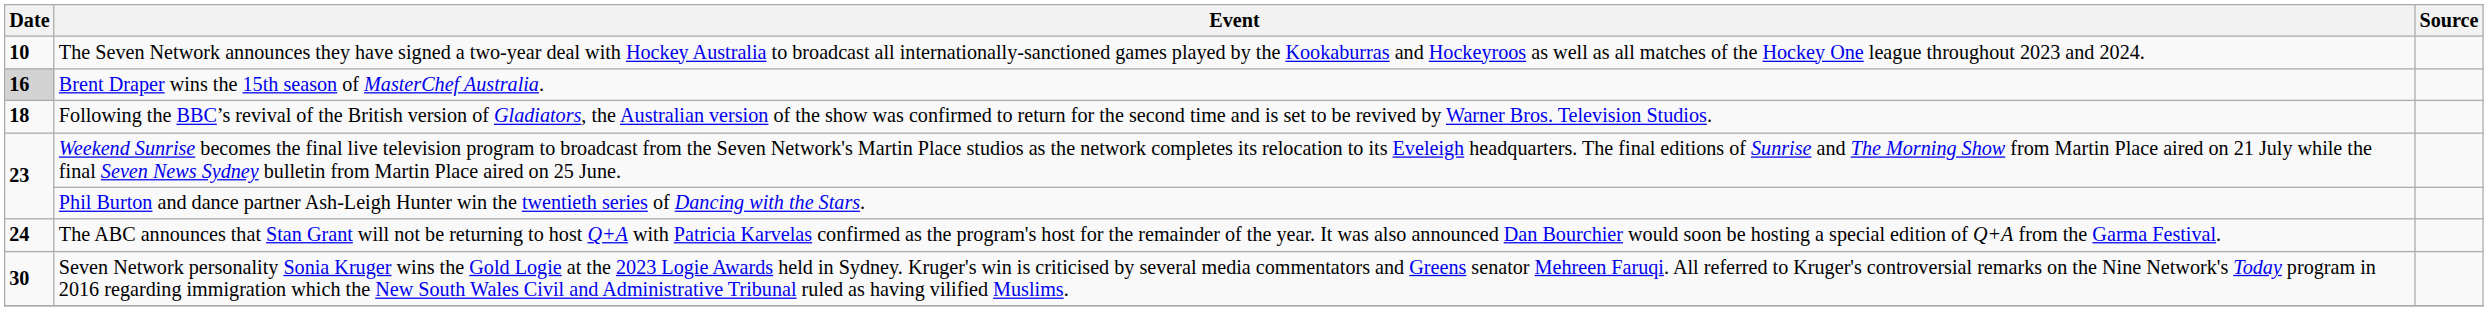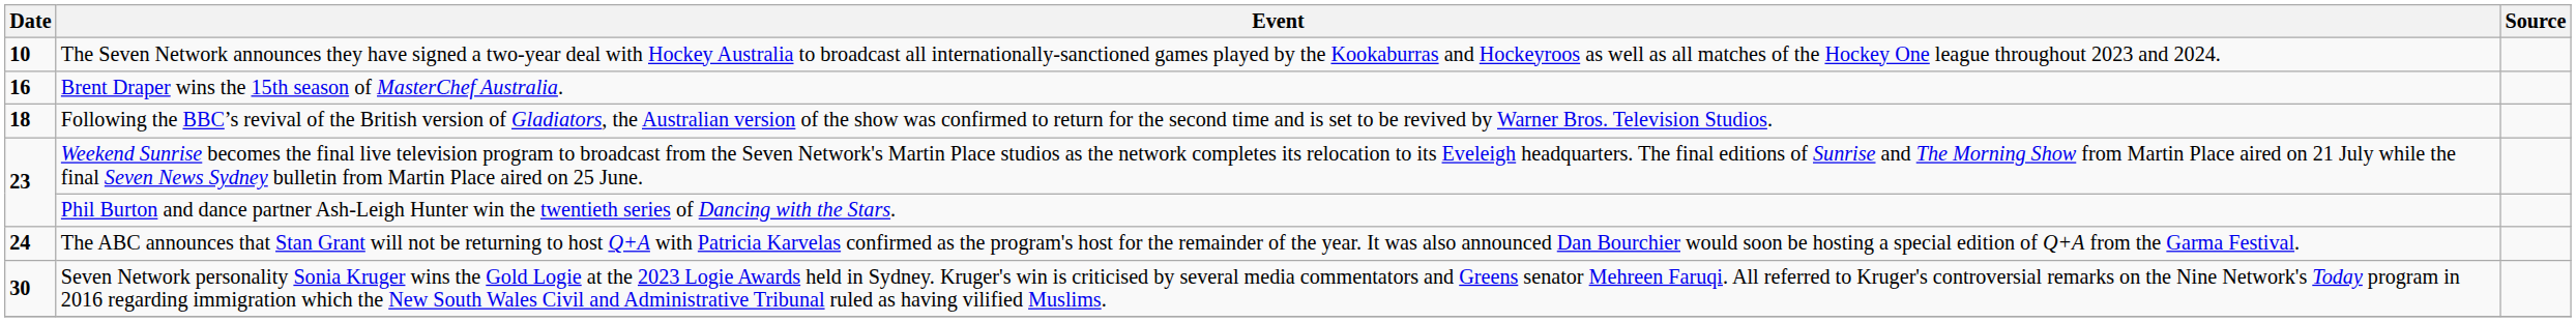 <table class="wikitable">
 <tr>
 <th>Date</th>
 <th>Event</th>
 <th>Source</th>
 </tr>
 <tr>
 <td><strong>10</strong></td>
 <td>The Seven Network announces they have signed a two-year deal with <a href='#'>Hockey Australia</a> to broadcast all internationally-sanctioned games played by the <a href='#'>Kookaburras</a> and <a href='#'>Hockeyroos</a> as well as all matches of the <a href='#'>Hockey One</a> league throughout 2023 and 2024.</td>
 <td></td>
 </tr>
 <tr>
-<td style="background: lightgrey;"><strong>16</strong></td>
+<td><strong>16</strong></td>
 <td><a href='#'>Brent Draper</a> wins the <a href='#'>15th season</a> of <em><a href='#'>MasterChef Australia</a></em>.</td>
 <td></td>
 </tr>
 <tr>
 <td><strong>18</strong></td>
 <td>Following the <a href='#'>BBC</a>’s revival of the British version of <em><a href='#'>Gladiators</a></em>, the <a href='#'>Australian version</a> of the show was confirmed to return for the second time and is set to be revived by <a href='#'>Warner Bros. Television Studios</a>.</td>
 <td></td>
 </tr>
 <tr>
 <td rowspan=2><strong>23</strong></td>
 <td><em><a href='#'>Weekend Sunrise</a></em> becomes the final live television program to broadcast from the Seven Network's Martin Place studios as the network completes its relocation to its <a href='#'>Eveleigh</a> headquarters. The final editions of <em><a href='#'>Sunrise</a></em> and <em><a href='#'>The Morning Show</a></em> from Martin Place aired on 21 July while the final <em><a href='#'>Seven News Sydney</a></em> bulletin from Martin Place aired on 25 June.</td>
 <td></td>
 </tr>
 <tr>
 <td><a href='#'>Phil Burton</a> and dance partner Ash-Leigh Hunter win the <a href='#'>twentieth series</a> of <em><a href='#'>Dancing with the Stars</a></em>.</td>
 <td></td>
 </tr>
 <tr>
 <td><strong>24</strong></td>
 <td>The ABC announces that <a href='#'>Stan Grant</a> will not be returning to host <em><a href='#'>Q+A</a></em> with <a href='#'>Patricia Karvelas</a> confirmed as the program's host for the remainder of the year. It was also announced <a href='#'>Dan Bourchier</a> would soon be hosting a special edition of <em>Q+A</em> from the <a href='#'>Garma Festival</a>.</td>
 <td></td>
 </tr>
 <tr>
 <td><strong>30</strong></td>
 <td>Seven Network personality <a href='#'>Sonia Kruger</a> wins the <a href='#'>Gold Logie</a> at the <a href='#'>2023 Logie Awards</a> held in Sydney. Kruger's win is criticised by several media commentators and <a href='#'>Greens</a> senator <a href='#'>Mehreen Faruqi</a>. All referred to Kruger's controversial remarks on the Nine Network's <em><a href='#'>Today</a></em> program in 2016 regarding immigration which the <a href='#'>New South Wales Civil and Administrative Tribunal</a> ruled as having vilified <a href='#'>Muslims</a>.</td>
 <td></td>
 </tr>
 <tr>
 </tr>
 </table>
